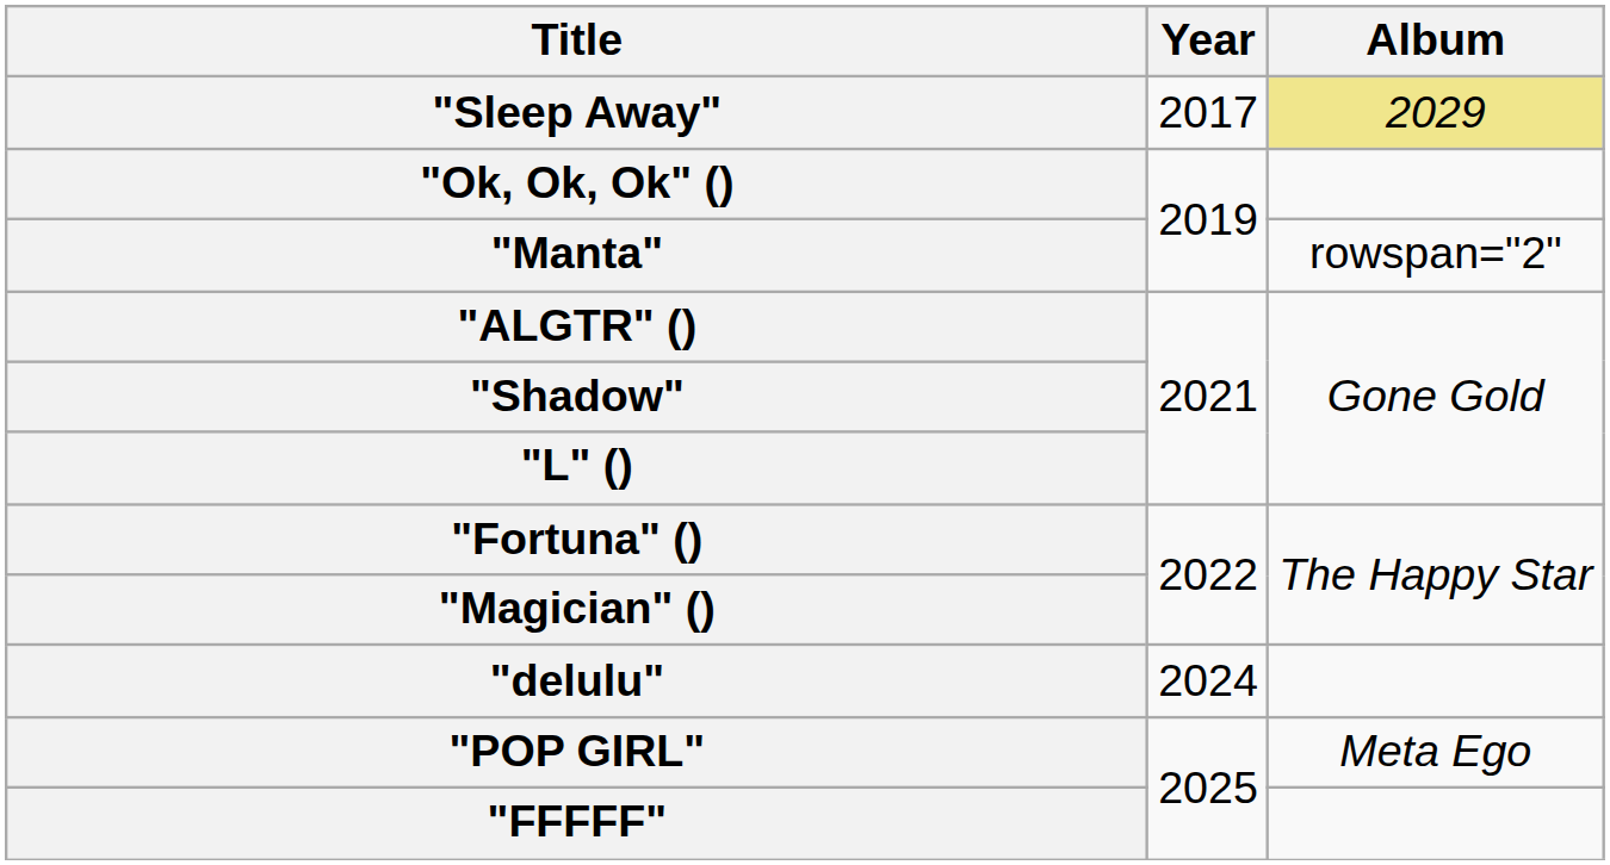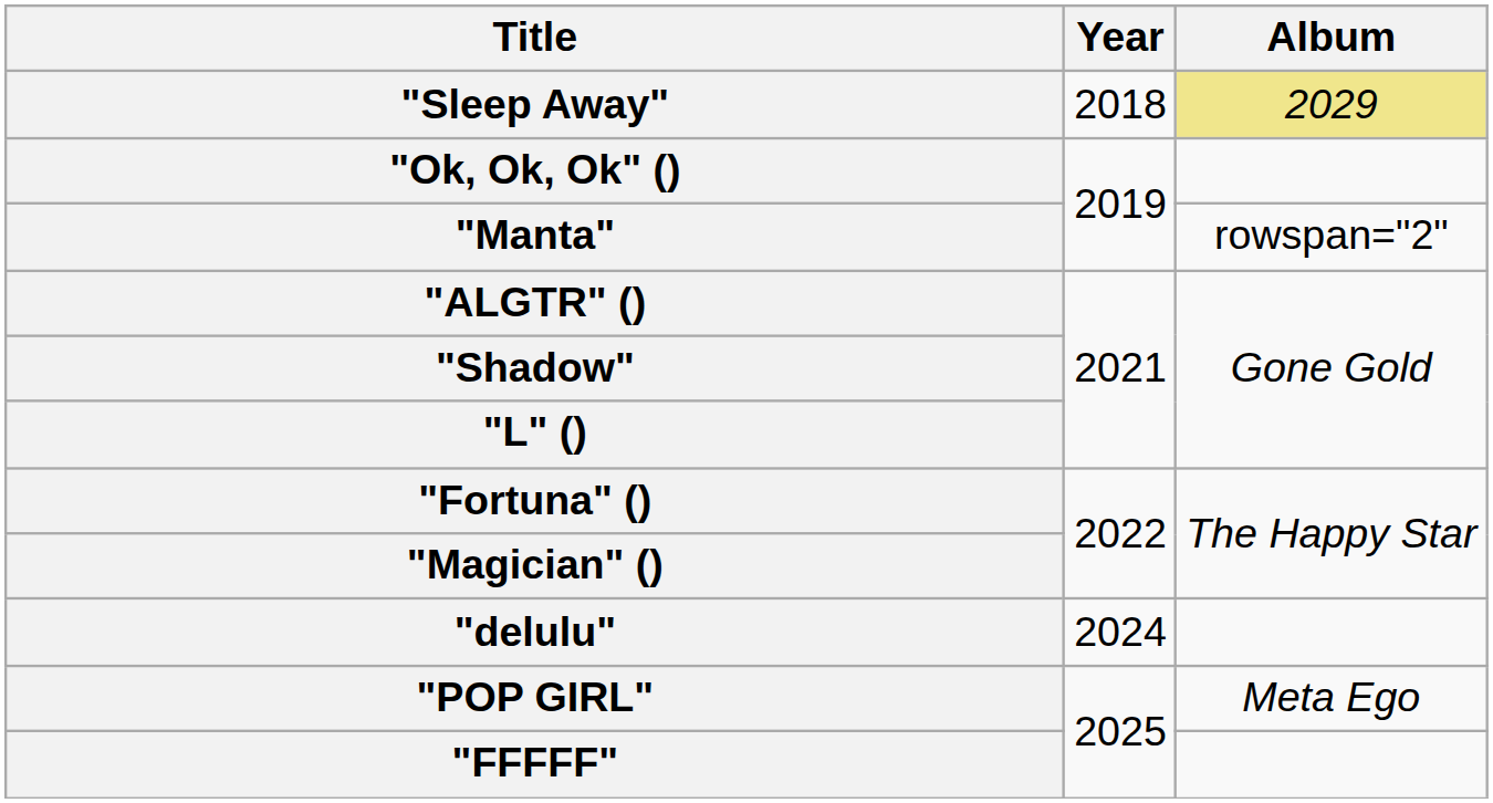 <table class="wikitable plainrowheaders" style="text-align:center;">
 <tr>
 <th rowspan="1" scope="col" style="width:25em;">Title</th>
 <th rowspan="1" scope="col">Year</th>
 <th rowspan="1" scope="col">Album</th>
 </tr>
 <tr>
 <th scope="row">"Sleep Away"</th>
-<td>2017</td>
+<td>2018</td>
 <td style="background: khaki;"><em>2029</em></td>
 </tr>
 <tr>
 <th scope="row">"Ok, Ok, Ok" ()</th>
 <td rowspan="2">2019</td>
 <td></td>
 </tr>
 <tr>
 <th scope="row">"Manta"</th>
 <td>rowspan="2" </td>
 </tr>
 <tr>
 <th scope="row">"ALGTR" ()</th>
 <td rowspan="3">2021</td>
 <td rowspan="3"><em>Gone Gold</em></td>
 </tr>
 <tr>
 <th scope="row">"Shadow"</th>
 </tr>
 <tr>
 <th scope="row">"L" ()</th>
 </tr>
 <tr>
 <th scope="row">"Fortuna" ()</th>
 <td rowspan="2">2022</td>
 <td rowspan="2"><em>The Happy Star</em></td>
 </tr>
 <tr>
 <th scope="row">"Magician" ()</th>
 </tr>
 <tr>
 <th scope="row">"delulu"</th>
 <td>2024</td>
 <td></td>
 </tr>
 <tr>
 <th scope="row">"POP GIRL"</th>
 <td rowspan="2">2025</td>
 <td><em>Meta Ego</em></td>
 </tr>
 <tr>
 <th scope="row">"FFFFF"</th>
 </tr>
 <tr>
 </tr>
 </table>
